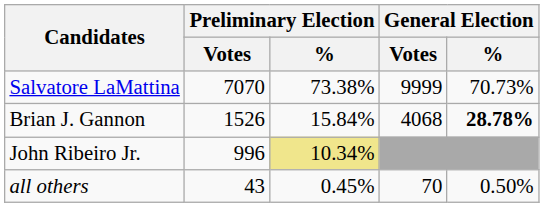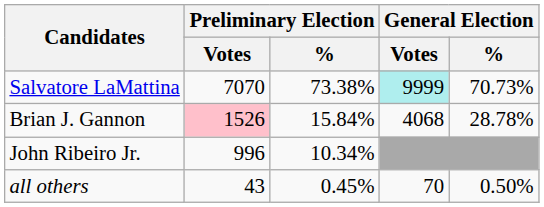 <table class=wikitable>
 <tr>
 <th colspan=1 rowspan=2><strong>Candidates</strong></th>
 <th colspan=2><strong>Preliminary Election</strong></th>
 <th colspan=2><strong>General Election</strong></th>
 </tr>
 <tr>
 <th>Votes</th>
 <th>%</th>
 <th>Votes</th>
 <th>%</th>
 </tr>
 <tr>
 <td><a href='#'>Salvatore LaMattina</a></td>
 <td align="right">7070</td>
 <td align="right">73.38%</td>
-<td align="right">9999</td>
+<td align="right" style="background: paleturquoise;">9999</td>
 <td align="right">70.73%</td>
 </tr>
 <tr>
 <td>Brian J. Gannon</td>
-<td align="right">1526</td>
+<td align="right" style="background: pink;">1526</td>
 <td align="right">15.84%</td>
 <td align="right">4068</td>
-<td align="right"><strong>28.78%</strong></td>
+<td align="right">28.78%</td>
 </tr>
 <tr>
 <td>John Ribeiro Jr.</td>
 <td align="right">996</td>
-<td align="right" style="background: khaki;">10.34%</td>
+<td align="right">10.34%</td>
 <td colspan=2 bgcolor=darkgray> </td>
 </tr>
 <tr>
 <td><em>all others</em></td>
 <td align="right">43</td>
 <td align="right">0.45%</td>
 <td align="right">70</td>
 <td align="right">0.50%</td>
 </tr>
 </table>
